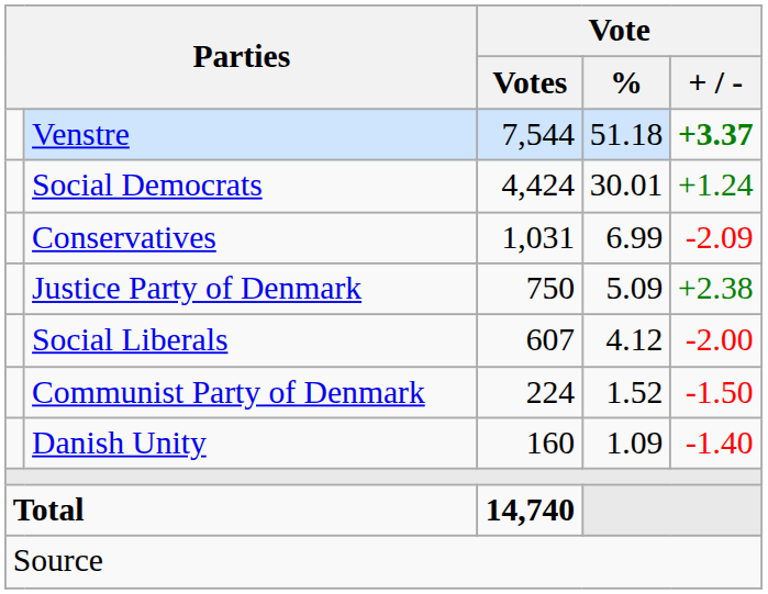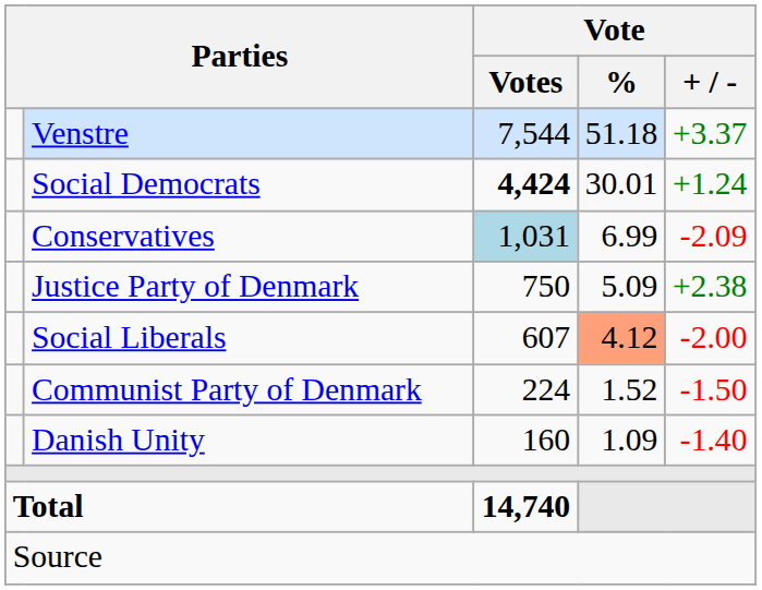 <table class="wikitable" style="text-align:right;">
 <tr>
 <th style="text-align:centre;" rowspan="2" colspan="2" width="225">Parties</th>
 <th colspan="3">Vote</th>
 </tr>
 <tr>
 <th width="15">Votes</th>
 <th width="15">%</th>
 <th width="15">+ / -</th>
 </tr>
 <tr>
 <td width="2" style="color:inherit;background:"></td>
 <td bgcolor=#cfe5fe  align="left"><a href='#'>Venstre</a></td>
 <td bgcolor=#cfe5fe>7,544</td>
 <td bgcolor=#cfe5fe>51.18</td>
-<td style=color:green;><strong>+3.37</strong></td>
+<td style=color:green;>+3.37</td>
 </tr>
 <tr>
 <td width="2" style="color:inherit;background:"></td>
 <td align="left"><a href='#'>Social Democrats</a></td>
-<td>4,424</td>
+<td><strong>4,424</strong></td>
 <td>30.01</td>
 <td style=color:green;>+1.24</td>
 </tr>
 <tr>
 <td width="2" style="color:inherit;background:"></td>
 <td align="left"><a href='#'>Conservatives</a></td>
-<td>1,031</td>
+<td style="background: lightblue;">1,031</td>
 <td>6.99</td>
 <td style=color:red;>-2.09</td>
 </tr>
 <tr>
 <td width="2" style="color:inherit;background:"></td>
 <td align="left"><a href='#'>Justice Party of Denmark</a></td>
 <td>750</td>
 <td>5.09</td>
 <td style=color:green;>+2.38</td>
 </tr>
 <tr>
 <td width="2" style="color:inherit;background:"></td>
 <td align="left"><a href='#'>Social Liberals</a></td>
 <td>607</td>
-<td>4.12</td>
+<td style="background: lightsalmon;">4.12</td>
 <td style=color:red;>-2.00</td>
 </tr>
 <tr>
 <td width="2" style="color:inherit;background:"></td>
 <td align="left"><a href='#'>Communist Party of Denmark</a></td>
 <td>224</td>
 <td>1.52</td>
 <td style=color:red;>-1.50</td>
 </tr>
 <tr>
 <td width="2" style="color:inherit;background:"></td>
 <td align="left"><a href='#'>Danish Unity</a></td>
 <td>160</td>
 <td>1.09</td>
 <td style=color:red;>-1.40</td>
 </tr>
 <tr>
 <td colspan="7" bgcolor="#E9E9E9"></td>
 </tr>
 <tr>
 <td align="left" colspan="2"><strong>Total</strong></td>
 <td><strong>14,740</strong></td>
 <td bgcolor="#E9E9E9" colspan="2"></td>
 </tr>
 <tr>
 <td align="left" colspan="6">Source</td>
 </tr>
 </table>
